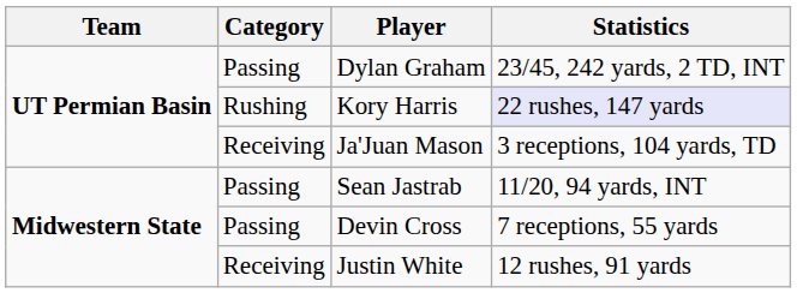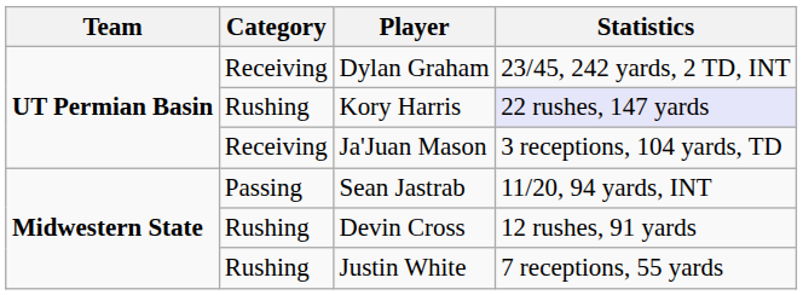 <table class="wikitable" style="float: right;">
 <tr>
 <th>Team</th>
 <th>Category</th>
 <th>Player</th>
 <th>Statistics</th>
 </tr>
 <tr>
 <td rowspan=3><strong>UT Permian Basin</strong></td>
-<td>Passing</td>
+<td>Receiving</td>
 <td>Dylan Graham</td>
 <td>23/45, 242 yards, 2 TD, INT</td>
 </tr>
 <tr>
 <td>Rushing</td>
 <td>Kory Harris</td>
 <td style="background: lavender;">22 rushes, 147 yards</td>
 </tr>
 <tr>
 <td>Receiving</td>
 <td>Ja'Juan Mason</td>
 <td>3 receptions, 104 yards, TD</td>
 </tr>
 <tr>
 <td rowspan=3><strong>Midwestern State</strong></td>
 <td>Passing</td>
 <td>Sean Jastrab</td>
 <td>11/20, 94 yards, INT</td>
 </tr>
 <tr>
-<td>Passing</td>
+<td>Rushing</td>
 <td>Devin Cross</td>
+<td>12 rushes, 91 yards</td>
+</tr>
+<tr>
+<td>Rushing</td>
+<td>Justin White</td>
 <td>7 receptions, 55 yards</td>
 </tr>
-<tr>
-<td>Receiving</td>
-<td>Justin White</td>
-<td>12 rushes, 91 yards</td>
-</tr>
 </table>
